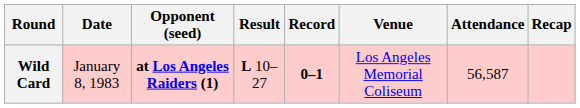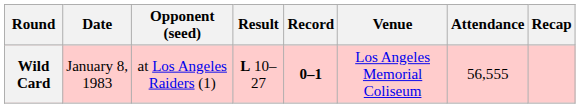 <table class="wikitable" style="text-align:center">
 <tr>
 <th>Round</th>
 <th>Date</th>
 <th>Opponent (seed)</th>
 <th>Result</th>
 <th>Record</th>
 <th>Venue</th>
 <th>Attendance</th>
 <th>Recap</th>
 </tr>
 <tr style="background:#fcc">
 <th>Wild Card</th>
 <td>January 8, 1983</td>
-<td><strong>at <a href='#'>Los Angeles Raiders</a> (1)</strong></td>
+<td>at <a href='#'>Los Angeles Raiders</a> (1)</td>
 <td><strong>L</strong> 10–27</td>
 <td><strong>0–1</strong></td>
 <td><a href='#'>Los Angeles Memorial Coliseum</a></td>
-<td>56,587</td>
+<td>56,555</td>
 <td></td>
 </tr>
 </table>
